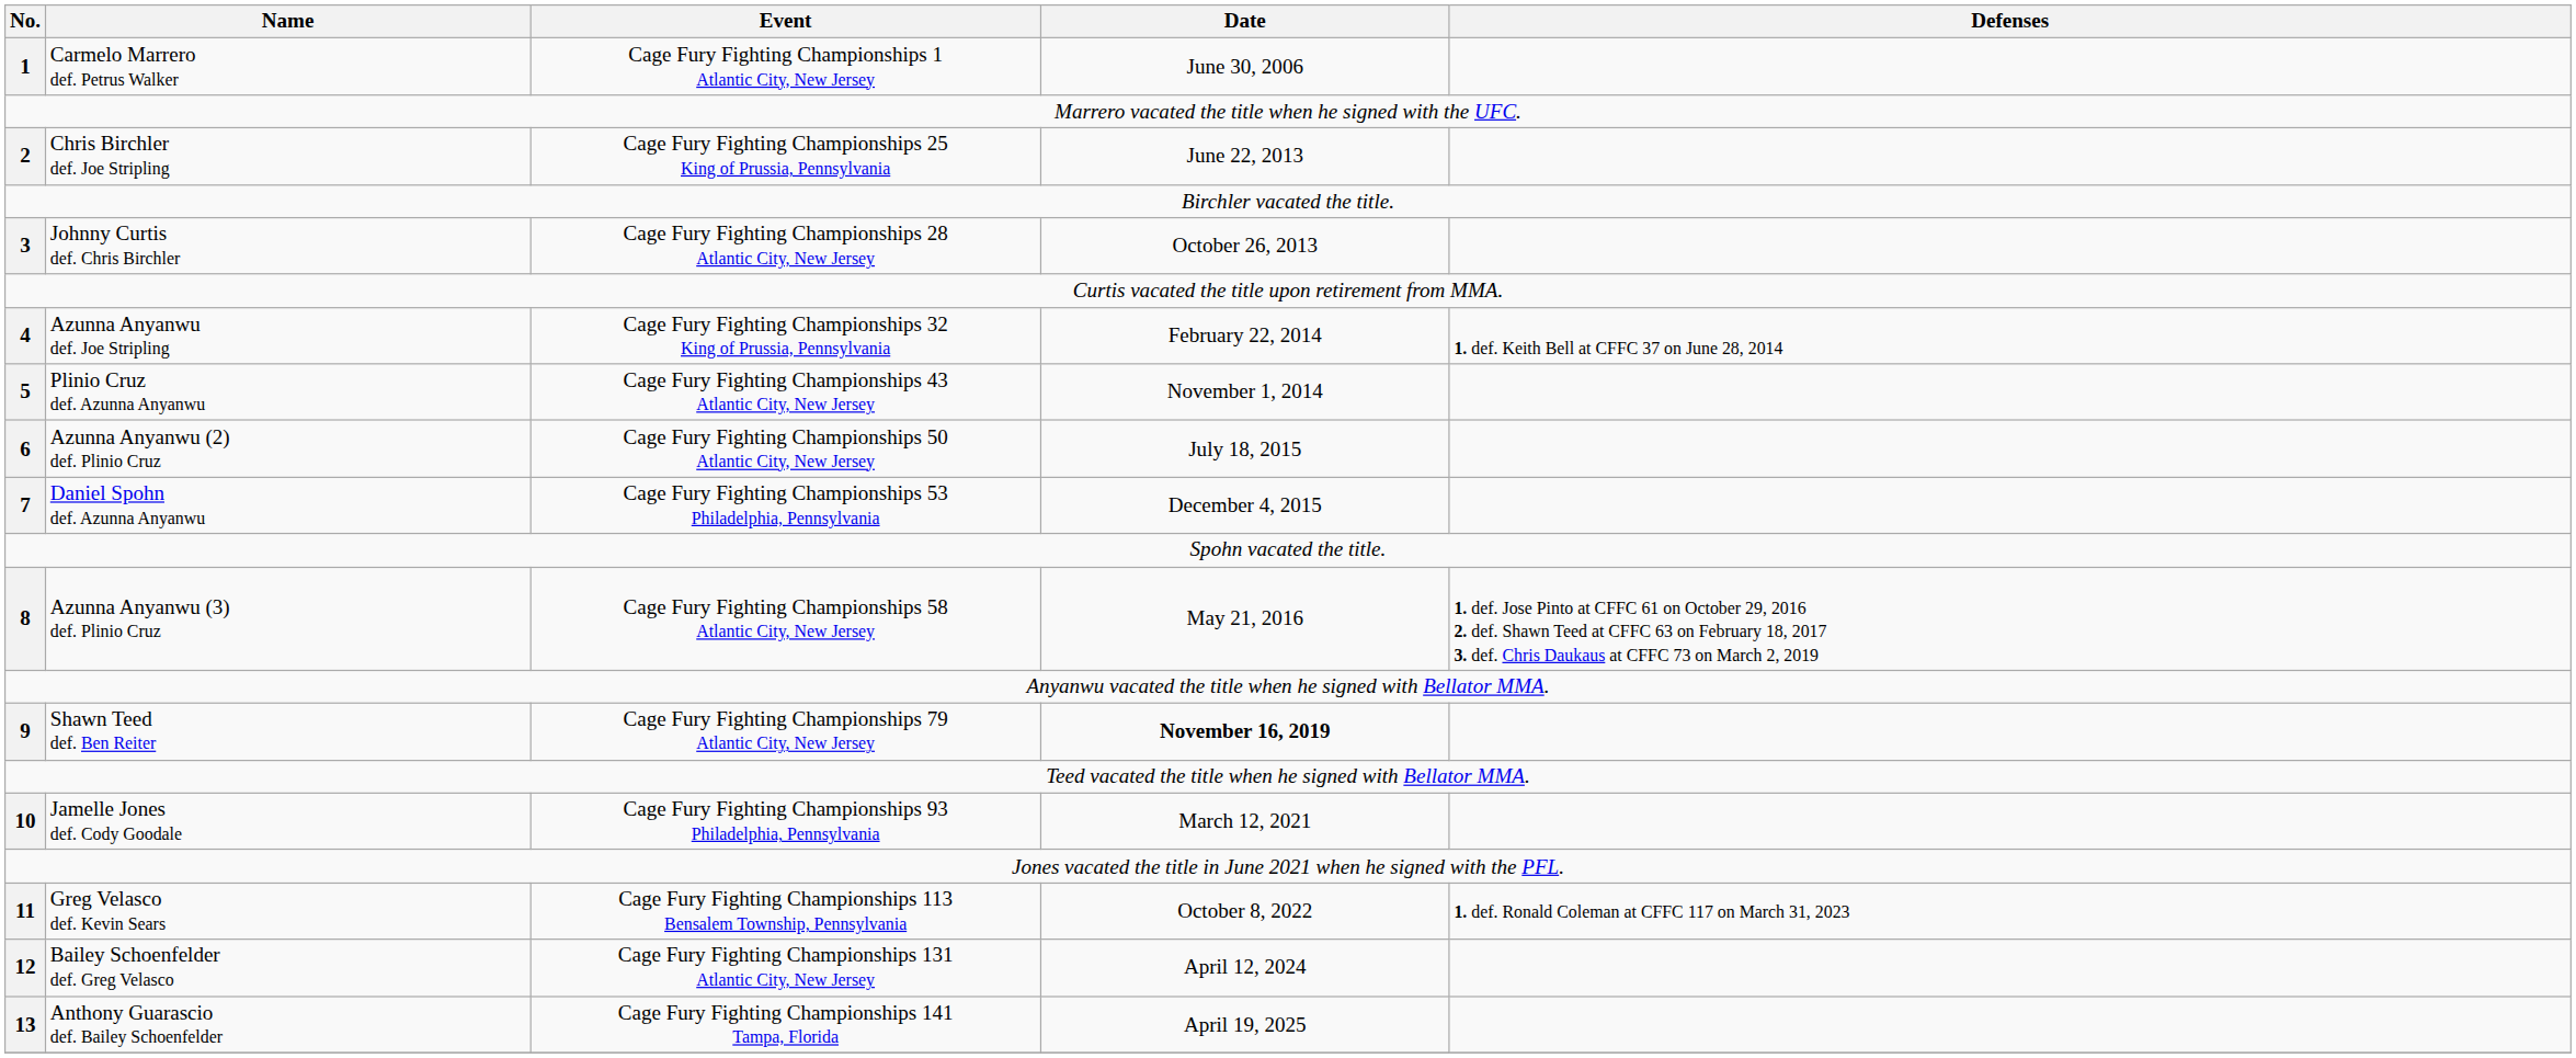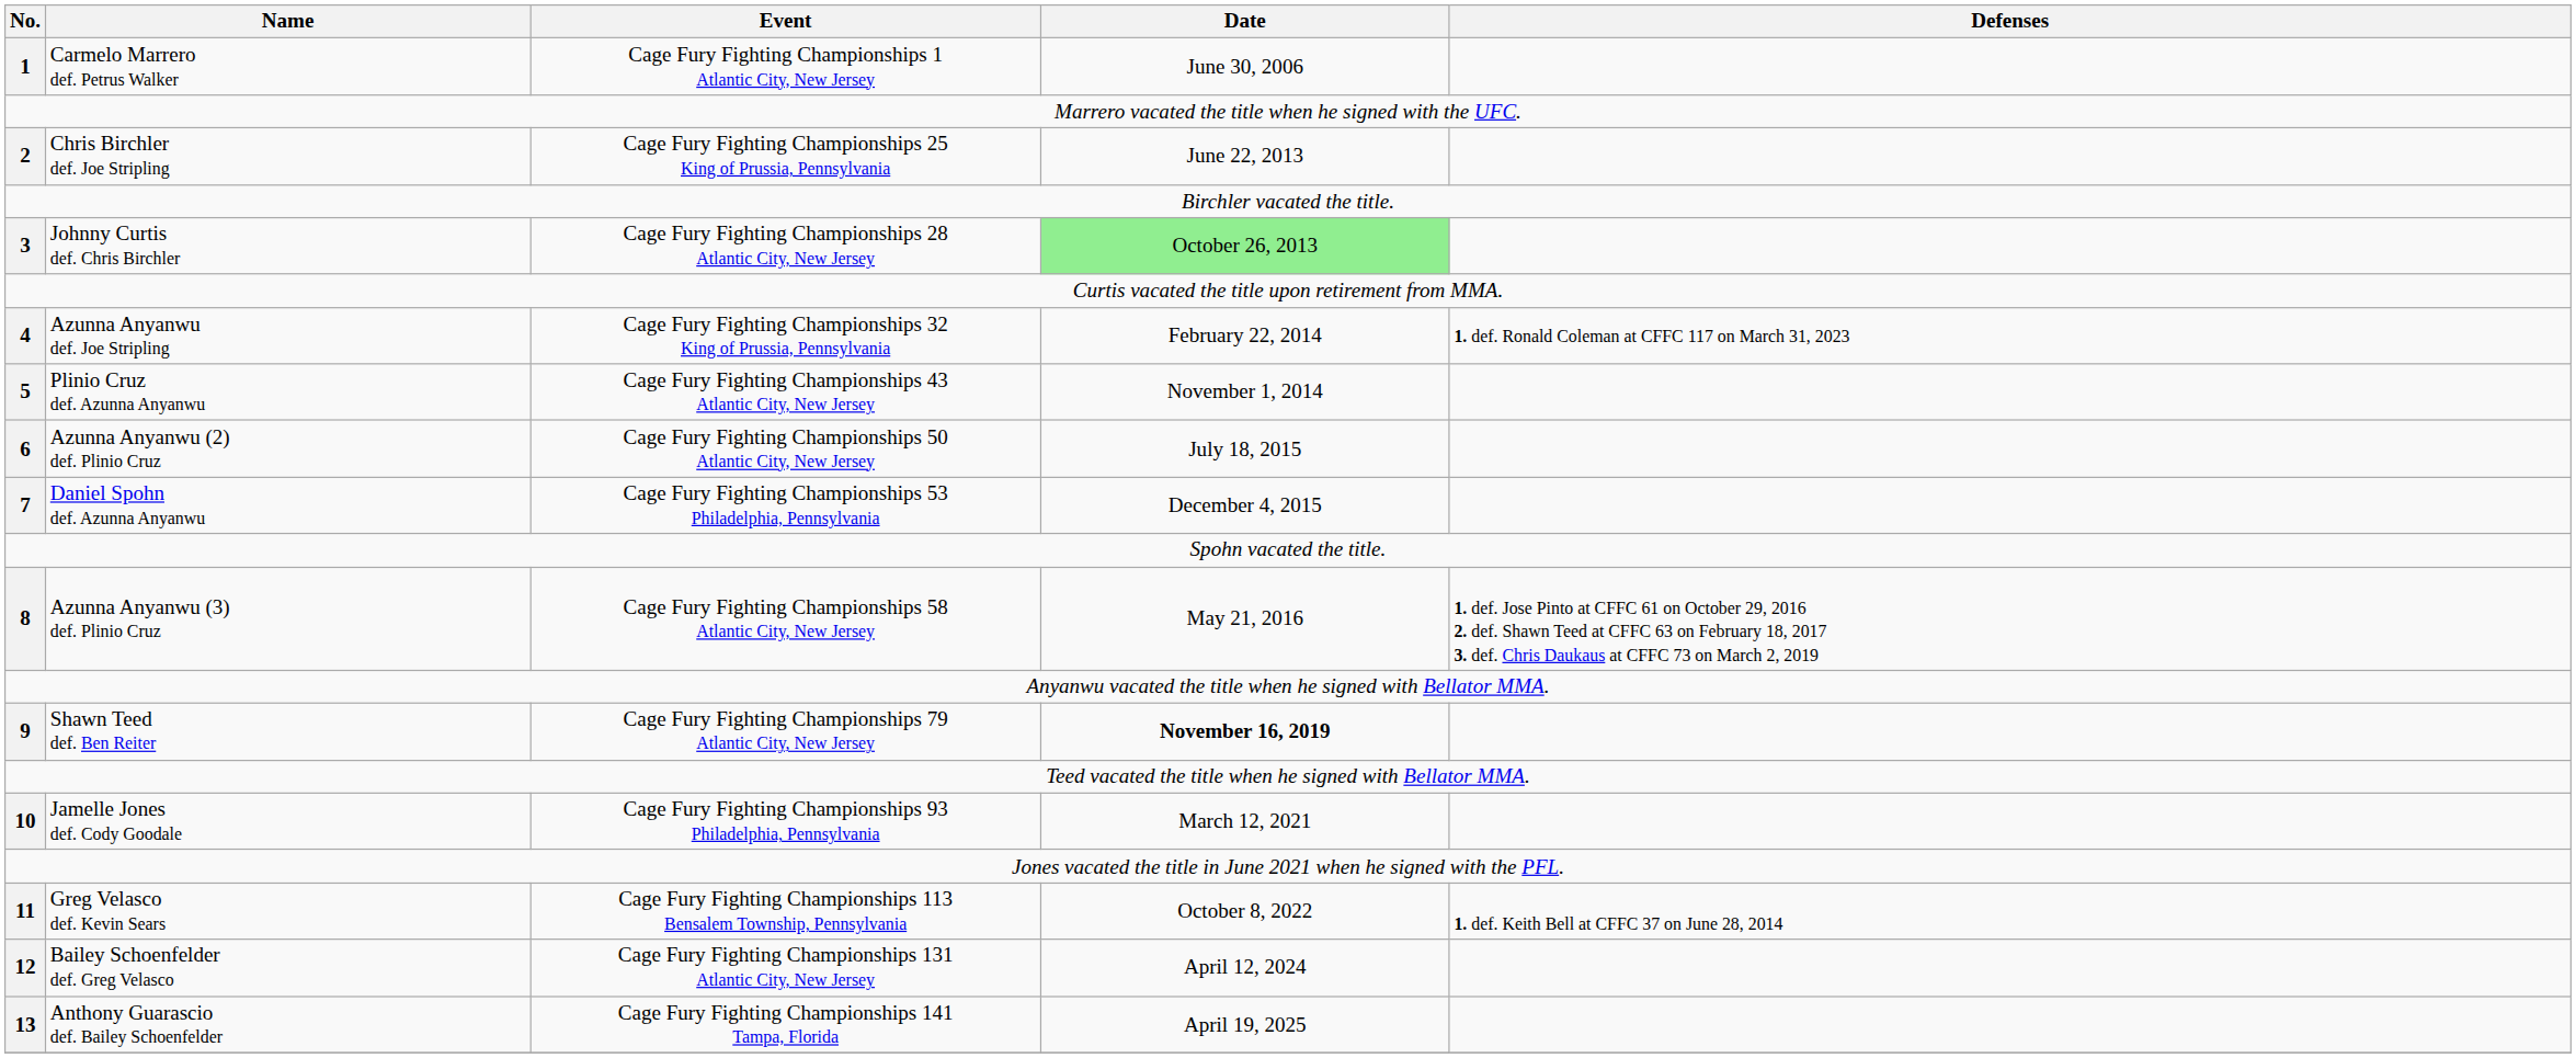 <table class="wikitable">
 <tr>
 <th width=1%>No.</th>
 <th width=19%>Name</th>
 <th width=20%>Event</th>
 <th width=16%>Date</th>
 <th width=44%>Defenses</th>
 </tr>
 <tr>
 <th>1</th>
 <td style="text-align:left"> Carmelo Marrero <br><small>def. Petrus Walker</small></td>
 <td style="text-align:center">Cage Fury Fighting Championships 1<br><small><a href='#'>Atlantic City, New Jersey</a></small></td>
 <td style="text-align:center">June 30, 2006</td>
 <td></td>
 </tr>
 <tr>
 <td style="text-align:center" colspan="5"><em>Marrero vacated the title when he signed with the <a href='#'>UFC</a>.</em></td>
 </tr>
 <tr>
 <th>2</th>
 <td style="text-align:left"> Chris Birchler <br><small>def. Joe Stripling</small></td>
 <td style="text-align:center">Cage Fury Fighting Championships 25<br><small><a href='#'>King of Prussia, Pennsylvania</a></small></td>
 <td style="text-align:center">June 22, 2013</td>
 <td></td>
 </tr>
 <tr>
 <td style="text-align:center" colspan="5"><em>Birchler vacated the title.</em></td>
 </tr>
 <tr>
 <th>3</th>
 <td style="text-align:left"> Johnny Curtis <br><small>def. Chris Birchler</small></td>
 <td style="text-align:center">Cage Fury Fighting Championships 28<br><small><a href='#'>Atlantic City, New Jersey</a></small></td>
-<td style="text-align:center">October 26, 2013</td>
+<td style="background: lightgreen; text-align:center">October 26, 2013</td>
 <td></td>
 </tr>
 <tr>
 <td style="text-align:center" colspan="5"><em>Curtis vacated the title upon retirement from MMA.</em></td>
 </tr>
 <tr>
 <th>4</th>
 <td style="text-align:left"> Azunna Anyanwu <br><small>def. Joe Stripling</small></td>
 <td style="text-align:center">Cage Fury Fighting Championships 32<br><small><a href='#'>King of Prussia, Pennsylvania</a></small></td>
 <td style="text-align:center">February 22, 2014</td>
-<td><br><small><strong>1.</strong> def. Keith Bell at CFFC 37 on June 28, 2014</small></td>
+<td><small><strong>1.</strong> def. Ronald Coleman at CFFC 117 on March 31, 2023</small></td>
 </tr>
 <tr>
 <th>5</th>
 <td style="text-align:left"> Plinio Cruz<br><small>def. Azunna Anyanwu</small></td>
 <td style="text-align:center">Cage Fury Fighting Championships 43<br><small><a href='#'>Atlantic City, New Jersey</a></small></td>
 <td style="text-align:center">November 1, 2014</td>
 <td></td>
 </tr>
 <tr>
 <th>6</th>
 <td style="text-align:left"> Azunna Anyanwu (2)<br><small>def. Plinio Cruz</small></td>
 <td style="text-align:center">Cage Fury Fighting Championships 50<br><small><a href='#'>Atlantic City, New Jersey</a></small></td>
 <td style="text-align:center">July 18, 2015</td>
 <td></td>
 </tr>
 <tr>
 <th>7</th>
 <td style="text-align:left"> <a href='#'>Daniel Spohn</a><br><small>def. Azunna Anyanwu</small></td>
 <td style="text-align:center">Cage Fury Fighting Championships 53<br><small><a href='#'>Philadelphia, Pennsylvania</a></small></td>
 <td style="text-align:center">December 4, 2015</td>
 <td></td>
 </tr>
 <tr>
 <td style="text-align:center" colspan="5"><em>Spohn vacated the title.</em></td>
 </tr>
 <tr>
 <th>8</th>
 <td style="text-align:left"> Azunna Anyanwu (3)<br><small>def. Plinio Cruz</small></td>
 <td style="text-align:center">Cage Fury Fighting Championships 58<br><small><a href='#'>Atlantic City, New Jersey</a></small></td>
 <td style="text-align:center">May 21, 2016</td>
 <td><br><small><strong>1.</strong> def. Jose Pinto at CFFC 61 on October 29, 2016<br> <strong>2.</strong> def. Shawn Teed at CFFC 63 on February 18, 2017<br> <strong>3.</strong> def. <a href='#'>Chris Daukaus</a> at CFFC 73 on March 2, 2019</small></td>
 </tr>
 <tr>
 <td style="text-align:center" colspan="5"><em>Anyanwu vacated the title when he signed with <a href='#'>Bellator MMA</a>.</em></td>
 </tr>
 <tr>
 <th>9</th>
 <td style="text-align:left"> Shawn Teed<br><small>def. <a href='#'>Ben Reiter</a></small></td>
 <td style="text-align:center">Cage Fury Fighting Championships 79<br><small><a href='#'>Atlantic City, New Jersey</a></small></td>
 <td style="text-align:center"><strong>November 16, 2019</strong></td>
 <td></td>
 </tr>
 <tr>
 <td style="text-align:center" colspan="5"><em>Teed vacated the title when he signed with <a href='#'>Bellator MMA</a>.</em></td>
 </tr>
 <tr>
 <th>10</th>
 <td style="text-align:left"> Jamelle Jones<br><small>def. Cody Goodale</small></td>
 <td style="text-align:center">Cage Fury Fighting Championships 93<br><small><a href='#'>Philadelphia, Pennsylvania</a></small></td>
 <td style="text-align:center">March 12, 2021</td>
 <td></td>
 </tr>
 <tr>
 <td style="text-align:center" colspan="5"><em>Jones vacated the title in June 2021 when he signed with the <a href='#'>PFL</a>.</em></td>
 </tr>
 <tr>
 <th>11</th>
 <td style="text-align:left"> Greg Velasco<br><small>def. Kevin Sears</small></td>
 <td style="text-align:center">Cage Fury Fighting Championships 113<br><small><a href='#'>Bensalem Township, Pennsylvania</a></small></td>
 <td style="text-align:center">October 8, 2022</td>
-<td><small><strong>1.</strong> def. Ronald Coleman at CFFC 117 on March 31, 2023</small></td>
+<td><br><small><strong>1.</strong> def. Keith Bell at CFFC 37 on June 28, 2014</small></td>
 </tr>
 <tr>
 <th>12</th>
 <td style="text-align:left"> Bailey Schoenfelder<br><small>def. Greg Velasco</small></td>
 <td style="text-align:center">Cage Fury Fighting Championships 131<br><small><a href='#'>Atlantic City, New Jersey</a></small></td>
 <td style="text-align:center">April 12, 2024</td>
 <td></td>
 </tr>
 <tr>
 <th>13</th>
 <td style="text-align:left"> Anthony Guarascio<br><small>def. Bailey Schoenfelder</small></td>
 <td style="text-align:center">Cage Fury Fighting Championships 141<br><small><a href='#'>Tampa, Florida</a></small></td>
 <td style="text-align:center">April 19, 2025</td>
 <td></td>
 </tr>
 <tr>
 </tr>
 </table>
